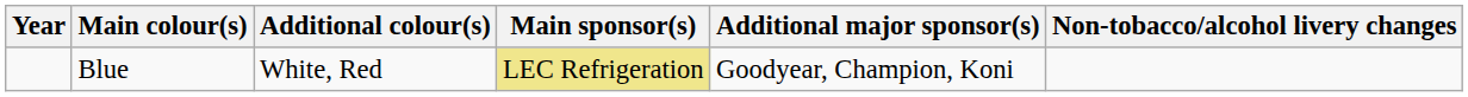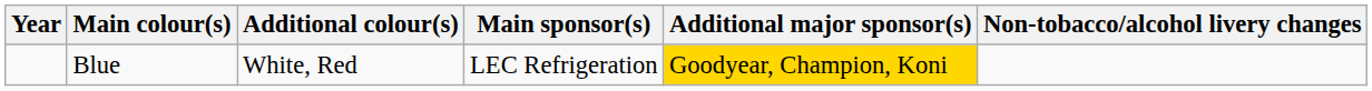 <table class="wikitable">
 <tr>
 <th>Year</th>
 <th>Main colour(s)</th>
 <th>Additional colour(s)</th>
 <th>Main sponsor(s)</th>
 <th>Additional major sponsor(s)</th>
 <th>Non-tobacco/alcohol livery changes</th>
 </tr>
 <tr>
 <td></td>
 <td>Blue</td>
 <td>White, Red</td>
-<td style="background: khaki;">LEC Refrigeration</td>
-<td>Goodyear, Champion, Koni</td>
+<td>LEC Refrigeration</td>
+<td style="background: gold;">Goodyear, Champion, Koni</td>
 </tr>
 </table>
